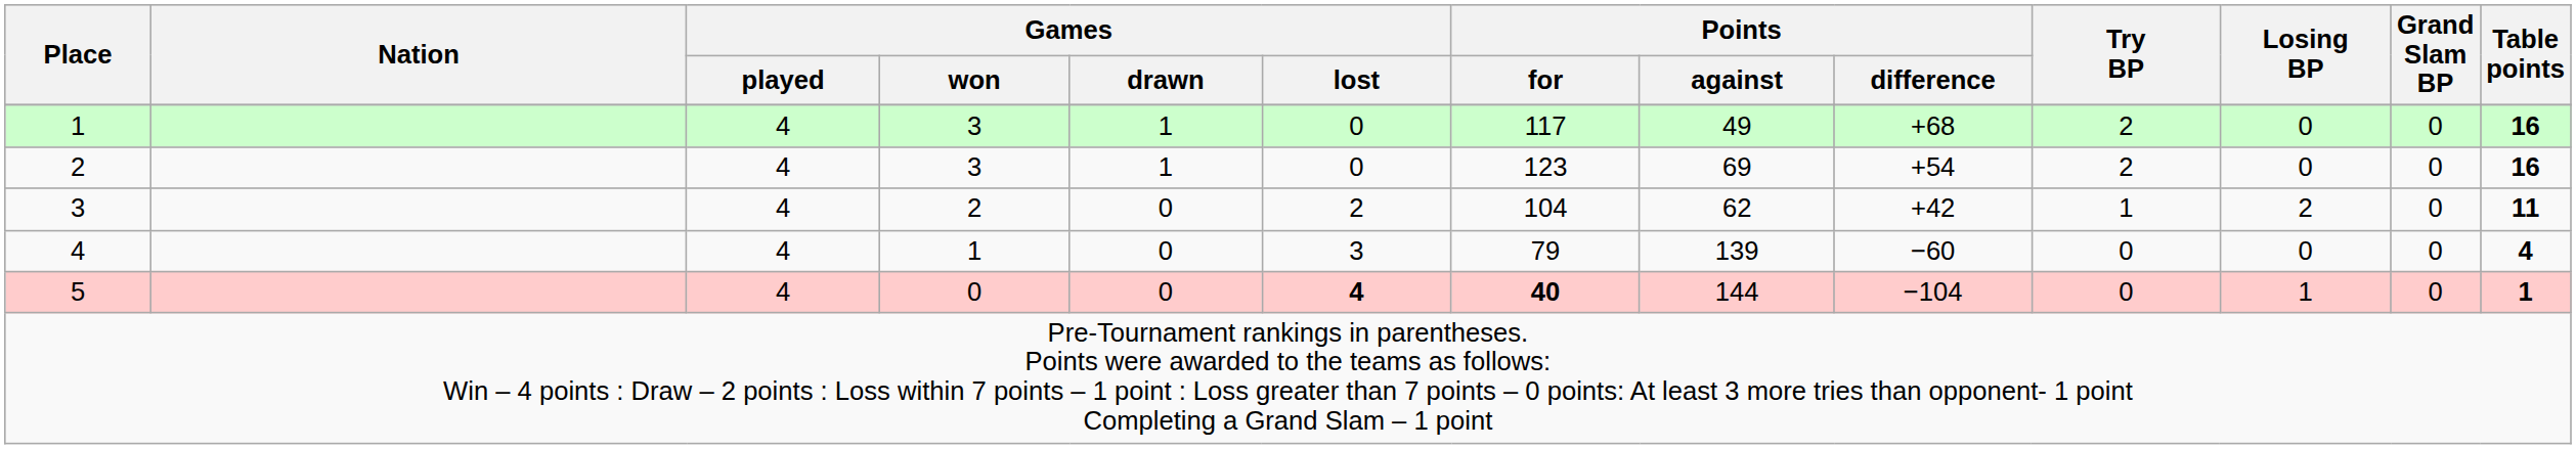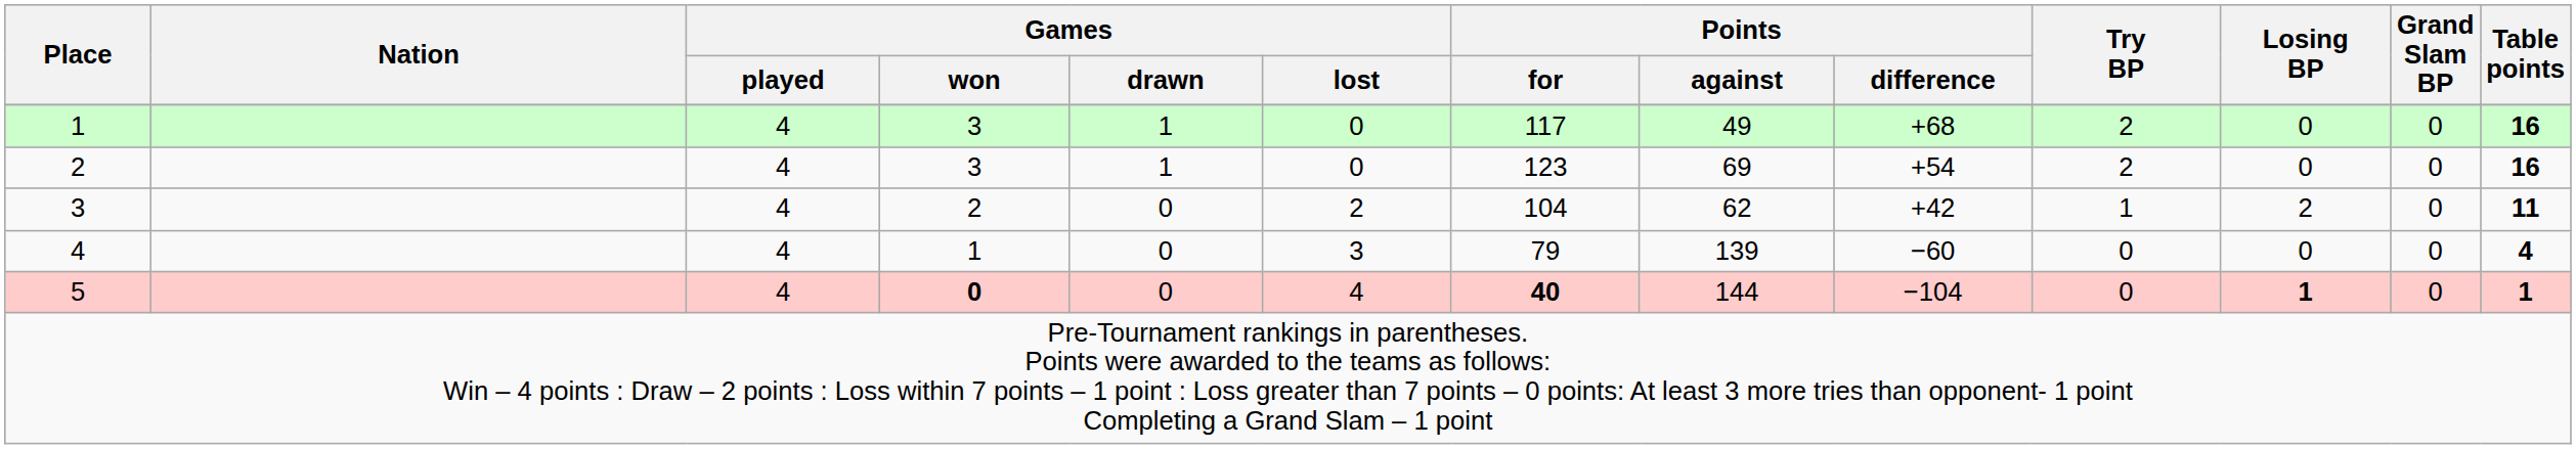 <table class="wikitable">
 <tr>
 <th rowspan=2 width="6%">Place</th>
 <th rowspan=2 width="23%">Nation</th>
 <th colspan=4 width="40%">Games</th>
 <th colspan=3 width="24%">Points</th>
 <th rowspan=2 width="8%">Try<br>BP</th>
 <th rowspan=2 width="8%">Losing<br>BP</th>
 <th rowspan=2 width="8%">Grand Slam<br>BP</th>
 <th rowspan=2 width="10%">Table<br>points</th>
 </tr>
 <tr>
 <th width="8%">played</th>
 <th width="8%">won</th>
 <th width="8%">drawn</th>
 <th width="8%">lost</th>
 <th width="8%">for</th>
 <th width="8%">against</th>
 <th width="8%">difference</th>
 </tr>
 <tr>
 </tr>
 <tr style="text-align:center; background:#cfc;">
 <td>1</td>
 <td align=left></td>
 <td>4</td>
 <td>3</td>
 <td>1</td>
 <td>0</td>
 <td>117</td>
 <td>49</td>
 <td>+68</td>
 <td>2</td>
 <td>0</td>
 <td>0</td>
 <td><strong>16</strong></td>
 </tr>
 <tr align=center>
 <td>2</td>
 <td align=left></td>
 <td>4</td>
 <td>3</td>
 <td>1</td>
 <td>0</td>
 <td>123</td>
 <td>69</td>
 <td>+54</td>
 <td>2</td>
 <td>0</td>
 <td>0</td>
 <td><strong>16</strong></td>
 </tr>
 <tr align=center>
 <td>3</td>
 <td align=left></td>
 <td>4</td>
 <td>2</td>
 <td>0</td>
 <td>2</td>
 <td>104</td>
 <td>62</td>
 <td>+42</td>
 <td>1</td>
 <td>2</td>
 <td>0</td>
 <td><strong>11</strong></td>
 </tr>
 <tr align=center>
 <td>4</td>
 <td align=left></td>
 <td>4</td>
 <td>1</td>
 <td>0</td>
 <td>3</td>
 <td>79</td>
 <td>139</td>
 <td>−60</td>
 <td>0</td>
 <td>0</td>
 <td>0</td>
 <td><strong>4</strong></td>
 </tr>
 <tr style="text-align:center; background:#fcc">
 <td>5</td>
 <td align=left></td>
 <td>4</td>
+<td><strong>0</strong></td>
 <td>0</td>
-<td>0</td>
-<td><strong>4</strong></td>
+<td>4</td>
 <td><strong>40</strong></td>
 <td>144</td>
 <td>−104</td>
 <td>0</td>
-<td>1</td>
+<td><strong>1</strong></td>
 <td>0</td>
 <td><strong>1</strong></td>
 </tr>
 <tr>
 <td style="text-align:center;" colspan="100">Pre-Tournament rankings in parentheses. <br> Points were awarded to the teams as follows:<br>Win – 4 points : Draw – 2 points  : Loss within 7 points – 1 point : Loss greater than 7 points – 0 points: At least 3 more tries than opponent- 1 point<br>Completing a Grand Slam – 1 point</td>
 </tr>
 </table>
